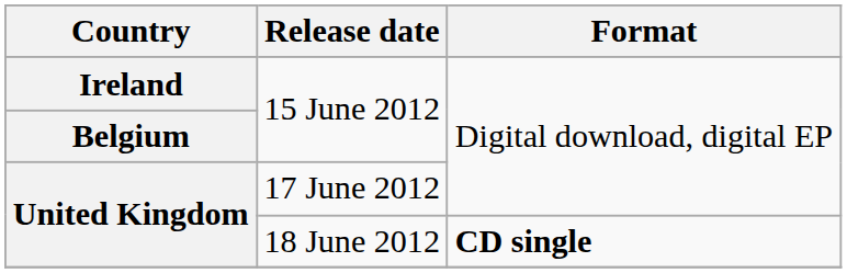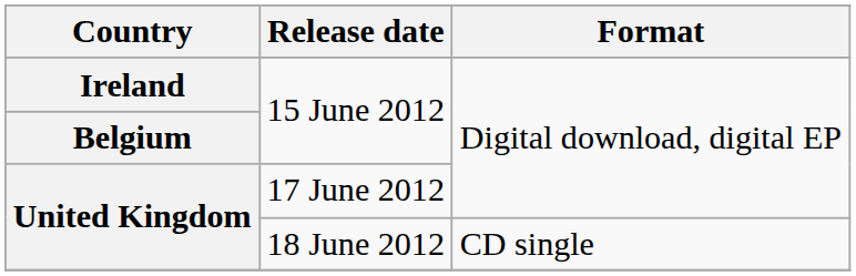 <table class="wikitable plainrowheaders">
 <tr>
 <th scope="col">Country</th>
 <th scope="col">Release date</th>
 <th scope="col">Format</th>
 </tr>
 <tr>
 <th scope="row">Ireland</th>
 <td rowspan="2">15 June 2012</td>
 <td rowspan="3">Digital download, digital EP</td>
 </tr>
 <tr>
 <th scope="row">Belgium</th>
 </tr>
 <tr>
 <th scope="row" rowspan="2">United Kingdom</th>
 <td>17 June 2012</td>
 </tr>
 <tr>
 <td>18 June 2012</td>
-<td><strong>CD single</strong></td>
+<td>CD single</td>
 </tr>
 <tr>
 </tr>
 </table>
